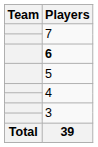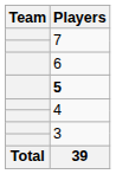 <table class="wikitable sortable plainrowheaders col2center" style="font-size:85%;">
 <tr>
 <th>Team</th>
 <th>Players</th>
 </tr>
 <tr>
 <th scope="row"></th>
 <td rowspan="2">7</td>
 </tr>
 <tr>
 <th scope="row"></th>
 </tr>
 <tr>
 <th scope="row"></th>
-<td><strong>6</strong></td>
+<td>6</td>
 </tr>
 <tr>
 <th scope="row"></th>
-<td>5</td>
+<td><strong>5</strong></td>
 </tr>
 <tr>
 <th scope="row"></th>
 <td rowspan="2">4</td>
 </tr>
 <tr>
 <th scope="row"></th>
 </tr>
 <tr>
 <th scope="row"></th>
 <td rowspan="2">3</td>
 </tr>
 <tr>
 <th scope="row"></th>
 </tr>
 <tr>
 <th>Total</th>
 <th>39</th>
 </tr>
 </table>
